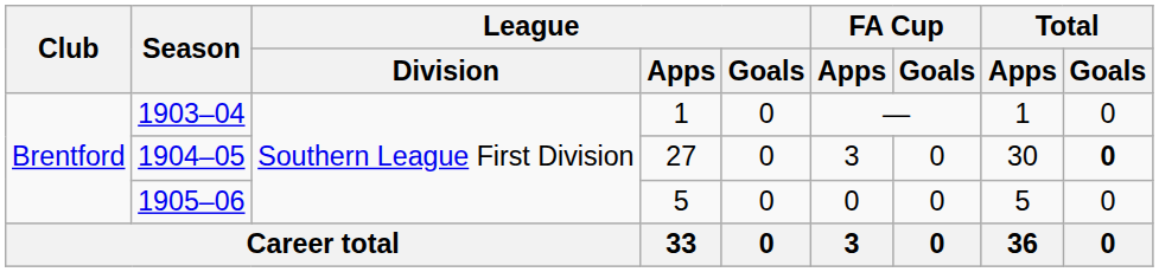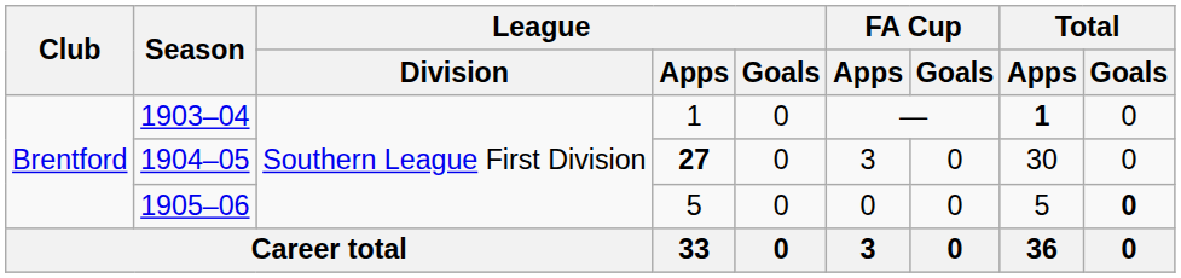 <table class="wikitable" style="text-align: center;">
 <tr>
 <th rowspan="2">Club</th>
 <th rowspan="2">Season</th>
 <th colspan="3">League</th>
 <th colspan="2">FA Cup</th>
 <th colspan="2">Total</th>
 </tr>
 <tr>
 <th>Division</th>
 <th>Apps</th>
 <th>Goals</th>
 <th>Apps</th>
 <th>Goals</th>
 <th>Apps</th>
 <th>Goals</th>
 </tr>
 <tr>
 <td rowspan="3"><a href='#'>Brentford</a></td>
 <td><a href='#'>1903–04</a></td>
 <td rowspan="3"><a href='#'>Southern League</a> First Division</td>
 <td>1</td>
 <td>0</td>
 <td colspan="2">—</td>
-<td>1</td>
+<td><strong>1</strong></td>
 <td>0</td>
 </tr>
 <tr>
 <td><a href='#'>1904–05</a></td>
-<td>27</td>
+<td><strong>27</strong></td>
 <td>0</td>
 <td>3</td>
 <td>0</td>
 <td>30</td>
-<td><strong>0</strong></td>
+<td>0</td>
 </tr>
 <tr>
 <td><a href='#'>1905–06</a></td>
 <td>5</td>
 <td>0</td>
 <td>0</td>
 <td>0</td>
 <td>5</td>
-<td>0</td>
+<td><strong>0</strong></td>
 </tr>
 <tr>
 <th colspan="3">Career total</th>
 <th>33</th>
 <th>0</th>
 <th>3</th>
 <th>0</th>
 <th>36</th>
 <th>0</th>
 </tr>
 </table>
